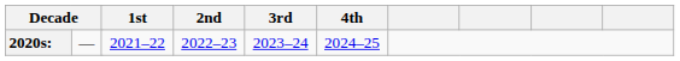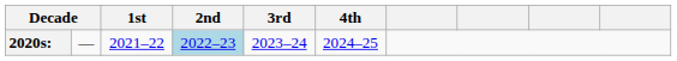 <table class="wikitable" style="text-align: center;">
 <tr>
 <th colspan=3 style="width: 90px;">Decade</th>
 <th style="width: 65px;">1st</th>
 <th style="width: 65px;">2nd</th>
 <th style="width: 65px;">3rd</th>
 <th style="width: 65px;">4th</th>
 <th style="width: 65px;"></th>
 <th style="width: 65px;"></th>
 <th style="width: 65px;"></th>
 <th style="width: 65px;"></th>
 </tr>
 <tr>
 <th style="text-align: left;"><strong>2020s:</strong></th>
 <td colspan=2>—</td>
 <td><a href='#'>2021–22</a></td>
-<td><a href='#'>2022–23</a></td>
+<td style="background: lightblue;"><a href='#'>2022–23</a></td>
 <td><a href='#'>2023–24</a></td>
 <td><a href='#'>2024–25</a></td>
 </tr>
 </table>
